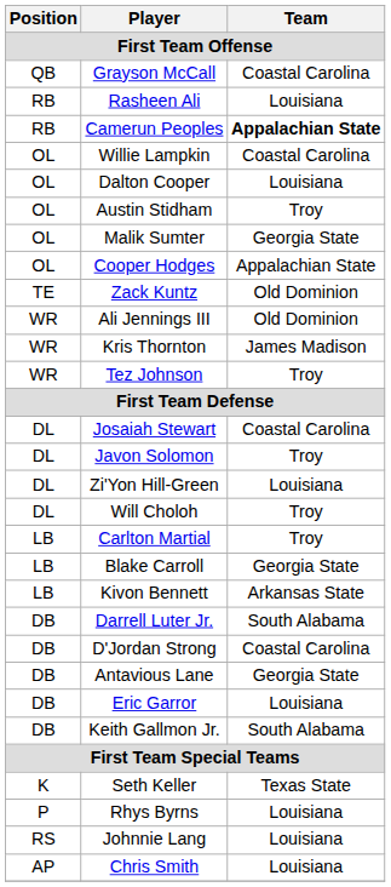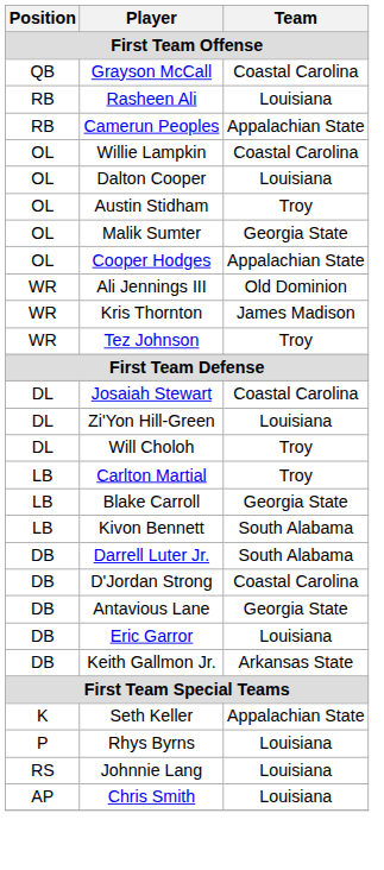 <table class="wikitable" border="0" style="text-align:center;">
 <tr>
 <th>Position</th>
 <th>Player</th>
 <th>Team</th>
 </tr>
 <tr>
 <td colspan="3" style="text-align:center; background:#ddd;"><strong>First Team Offense </strong></td>
 </tr>
 <tr>
 <td style="background:white">QB</td>
 <td style="background:white"><a href='#'>Grayson McCall</a></td>
 <td style="background:white">Coastal Carolina</td>
 </tr>
 <tr>
 <td style="background:white">RB</td>
 <td style="background:white"><a href='#'>Rasheen Ali</a></td>
 <td style="background:white">Louisiana</td>
 </tr>
 <tr>
 <td style="background:white">RB</td>
 <td style="background:white"><a href='#'>Camerun Peoples</a></td>
-<td style="background:white"><strong>Appalachian State</strong></td>
+<td style="background:white">Appalachian State</td>
 </tr>
 <tr>
 <td style="background:white">OL</td>
 <td style="background:white">Willie Lampkin</td>
 <td style="background:white">Coastal Carolina</td>
 </tr>
 <tr>
 <td style="background:white">OL</td>
 <td style="background:white">Dalton Cooper</td>
 <td style="background:white">Louisiana</td>
 </tr>
 <tr>
 <td style="background:white">OL</td>
 <td style="background:white">Austin Stidham</td>
 <td style="background:white">Troy</td>
 </tr>
 <tr>
 <td style="background:white">OL</td>
 <td style="background:white">Malik Sumter</td>
 <td style="background:white">Georgia State</td>
 </tr>
 <tr>
 <td style="background:white">OL</td>
 <td style="background:white"><a href='#'>Cooper Hodges</a></td>
 <td style="background:white">Appalachian State</td>
 </tr>
 <tr>
-<td style="background:white">TE</td>
-<td style="background:white"><a href='#'>Zack Kuntz</a></td>
-<td style="background:white">Old Dominion</td>
-</tr>
-<tr>
 <td style="background:white">WR</td>
 <td style="background:white">Ali Jennings III</td>
 <td style="background:white">Old Dominion</td>
 </tr>
 <tr>
 <td style="background:white">WR</td>
 <td style="background:white">Kris Thornton</td>
 <td style="background:white">James Madison</td>
 </tr>
 <tr>
 <td style="background:white">WR</td>
 <td style="background:white"><a href='#'>Tez Johnson</a></td>
 <td style="background:white">Troy</td>
 </tr>
 <tr>
 <td colspan="3" style="text-align:center; background:#ddd;"><strong>First Team Defense</strong></td>
 </tr>
 <tr>
 <td style="background:white">DL</td>
 <td style="background:white"><a href='#'>Josaiah Stewart</a></td>
 <td style="background:white">Coastal Carolina</td>
 </tr>
 <tr>
 <td style="background:white">DL</td>
-<td style="background:white"><a href='#'>Javon Solomon</a></td>
-<td style="background:white">Troy</td>
-</tr>
-<tr>
-<td style="background:white">DL</td>
 <td style="background:white">Zi'Yon Hill-Green</td>
 <td style="background:white">Louisiana</td>
 </tr>
 <tr>
 <td style="background:white">DL</td>
 <td style="background:white">Will Choloh</td>
 <td style="background:white">Troy</td>
 </tr>
 <tr>
 <td style="background:white">LB</td>
 <td style="background:white"><a href='#'>Carlton Martial</a></td>
 <td style="background:white">Troy</td>
 </tr>
 <tr>
 <td style="background:white">LB</td>
 <td style="background:white">Blake Carroll</td>
 <td style="background:white">Georgia State</td>
 </tr>
 <tr>
 <td style="background:white">LB</td>
 <td style="background:white">Kivon Bennett</td>
-<td style="background:white">Arkansas State</td>
+<td style="background:white">South Alabama</td>
 </tr>
 <tr>
 <td style="background:white">DB</td>
 <td style="background:white"><a href='#'>Darrell Luter Jr.</a></td>
 <td style="background:white">South Alabama</td>
 </tr>
 <tr>
 <td style="background:white">DB</td>
 <td style="background:white">D'Jordan Strong</td>
 <td style="background:white">Coastal Carolina</td>
 </tr>
 <tr>
 <td style="background:white">DB</td>
 <td style="background:white">Antavious Lane</td>
 <td style="background:white">Georgia State</td>
 </tr>
 <tr>
 <td style="background:white">DB</td>
 <td style="background:white"><a href='#'>Eric Garror</a></td>
 <td style="background:white">Louisiana</td>
 </tr>
 <tr>
 <td style="background:white">DB</td>
 <td style="background:white">Keith Gallmon Jr.</td>
-<td style="background:white">South Alabama</td>
+<td style="background:white">Arkansas State</td>
 </tr>
 <tr>
 <td colspan="3" style="text-align:center; background:#ddd;"><strong>First Team Special Teams</strong></td>
 </tr>
 <tr>
 <td style="background:white">K</td>
 <td style="background:white">Seth Keller</td>
-<td style="background:white">Texas State</td>
+<td style="background:white">Appalachian State</td>
 </tr>
 <tr>
 <td style="background:white">P</td>
 <td style="background:white">Rhys Byrns</td>
 <td style="background:white">Louisiana</td>
 </tr>
 <tr>
 <td style="background:white">RS</td>
 <td style="background:white">Johnnie Lang</td>
 <td style="background:white">Louisiana</td>
 </tr>
 <tr>
 <td style="background:white">AP</td>
 <td style="background:white"><a href='#'>Chris Smith</a></td>
 <td style="background:white">Louisiana</td>
 </tr>
 <tr>
 </tr>
 </table>
